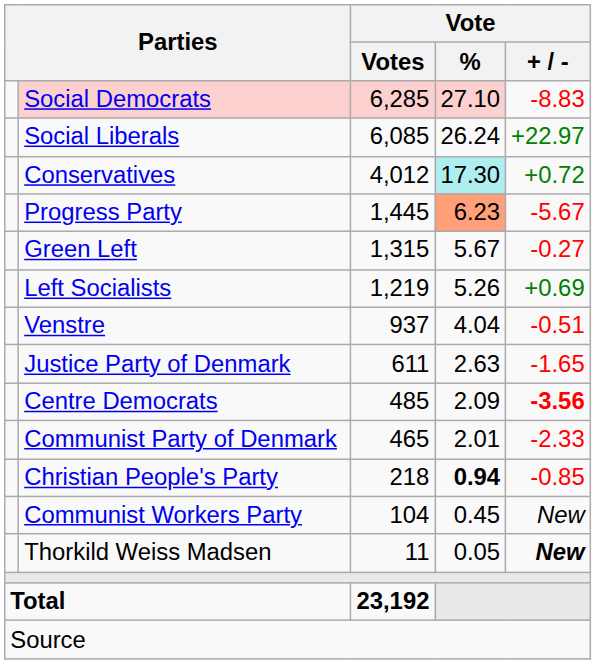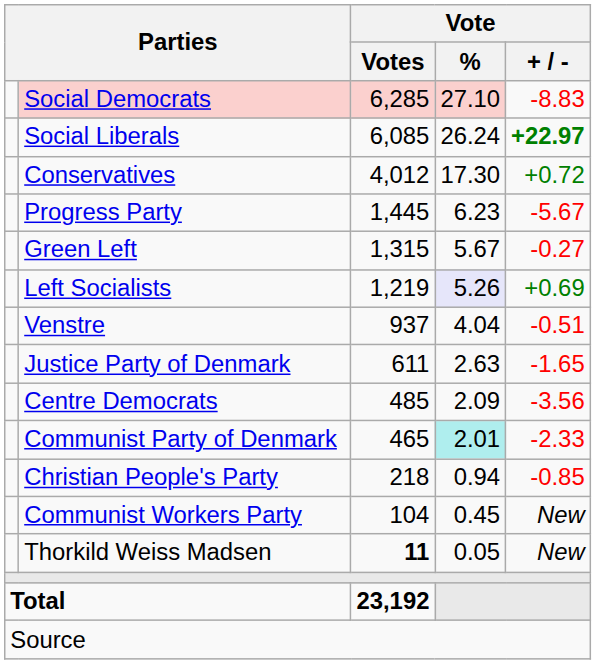 <table class="wikitable" style="text-align:right;">
 <tr>
 <th style="text-align:centre;" rowspan="2" colspan="2" width="225">Parties</th>
 <th colspan="3">Vote</th>
 </tr>
 <tr>
 <th width="15">Votes</th>
 <th width="15">%</th>
 <th width="15">+ / -</th>
 </tr>
 <tr>
 <td width="2" style="color:inherit;background:"></td>
 <td bgcolor=#fbd0ce  align="left"><a href='#'>Social Democrats</a></td>
 <td bgcolor=#fbd0ce>6,285</td>
 <td bgcolor=#fbd0ce>27.10</td>
 <td style=color:red;>-8.83</td>
 </tr>
 <tr>
 <td width="2" style="color:inherit;background:"></td>
 <td align="left"><a href='#'>Social Liberals</a></td>
 <td>6,085</td>
 <td>26.24</td>
-<td style=color:green;>+22.97</td>
+<td style=color:green;><strong>+22.97</strong></td>
 </tr>
 <tr>
 <td width="2" style="color:inherit;background:"></td>
 <td align="left"><a href='#'>Conservatives</a></td>
 <td>4,012</td>
-<td style="background: paleturquoise;">17.30</td>
+<td>17.30</td>
 <td style=color:green;>+0.72</td>
 </tr>
 <tr>
 <td width="2" style="color:inherit;background:"></td>
 <td align="left"><a href='#'>Progress Party</a></td>
 <td>1,445</td>
-<td style="background: lightsalmon;">6.23</td>
+<td>6.23</td>
 <td style=color:red;>-5.67</td>
 </tr>
 <tr>
 <td width="2" style="color:inherit;background:"></td>
 <td align="left"><a href='#'>Green Left</a></td>
 <td>1,315</td>
 <td>5.67</td>
 <td style=color:red;>-0.27</td>
 </tr>
 <tr>
 <td width="2" style="color:inherit;background:"></td>
 <td align="left"><a href='#'>Left Socialists</a></td>
 <td>1,219</td>
-<td>5.26</td>
+<td style="background: lavender;">5.26</td>
 <td style=color:green;>+0.69</td>
 </tr>
 <tr>
 <td width="2" style="color:inherit;background:"></td>
 <td align="left"><a href='#'>Venstre</a></td>
 <td>937</td>
 <td>4.04</td>
 <td style=color:red;>-0.51</td>
 </tr>
 <tr>
 <td width="2" style="color:inherit;background:"></td>
 <td align="left"><a href='#'>Justice Party of Denmark</a></td>
 <td>611</td>
 <td>2.63</td>
 <td style=color:red;>-1.65</td>
 </tr>
 <tr>
 <td width="2" style="color:inherit;background:"></td>
 <td align="left"><a href='#'>Centre Democrats</a></td>
 <td>485</td>
 <td>2.09</td>
-<td style=color:red;><strong>-3.56</strong></td>
+<td style=color:red;>-3.56</td>
 </tr>
 <tr>
 <td width="2" style="color:inherit;background:"></td>
 <td align="left"><a href='#'>Communist Party of Denmark</a></td>
 <td>465</td>
-<td>2.01</td>
+<td style="background: paleturquoise;">2.01</td>
 <td style=color:red;>-2.33</td>
 </tr>
 <tr>
 <td width="2" style="color:inherit;background:"></td>
 <td align="left"><a href='#'>Christian People's Party</a></td>
 <td>218</td>
-<td><strong>0.94</strong></td>
+<td>0.94</td>
 <td style=color:red;>-0.85</td>
 </tr>
 <tr>
 <td width="2" style="color:inherit;background:"></td>
 <td align="left"><a href='#'>Communist Workers Party</a></td>
 <td>104</td>
 <td>0.45</td>
 <td><em>New</em></td>
 </tr>
 <tr>
 <td width="2" style="color:inherit;background:"></td>
 <td align="left">Thorkild Weiss Madsen</td>
-<td>11</td>
+<td><strong>11</strong></td>
 <td>0.05</td>
-<td><strong><em>New</em></strong></td>
+<td><em>New</em></td>
 </tr>
 <tr>
 <td colspan="7" bgcolor="#E9E9E9"></td>
 </tr>
 <tr>
 <td align="left" colspan="2"><strong>Total</strong></td>
 <td><strong>23,192</strong></td>
 <td bgcolor="#E9E9E9" colspan="2"></td>
 </tr>
 <tr>
 <td align="left" colspan="6">Source</td>
 </tr>
 </table>
